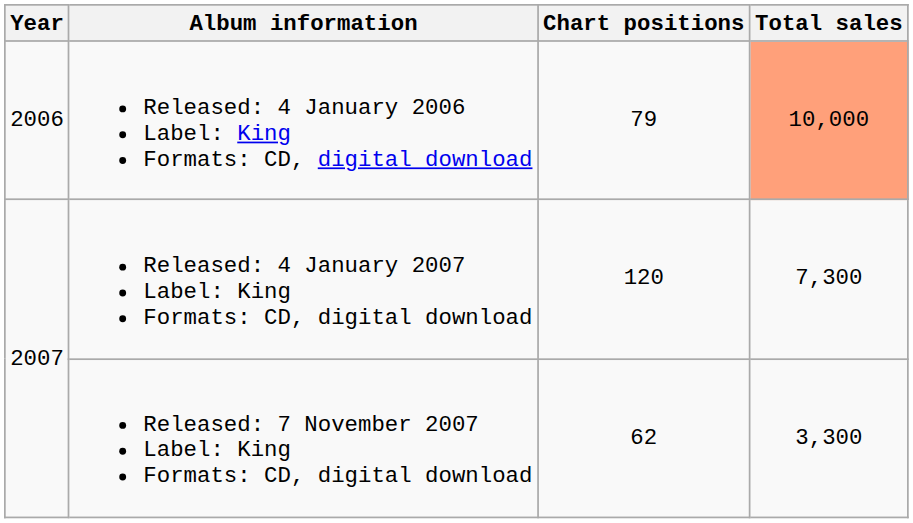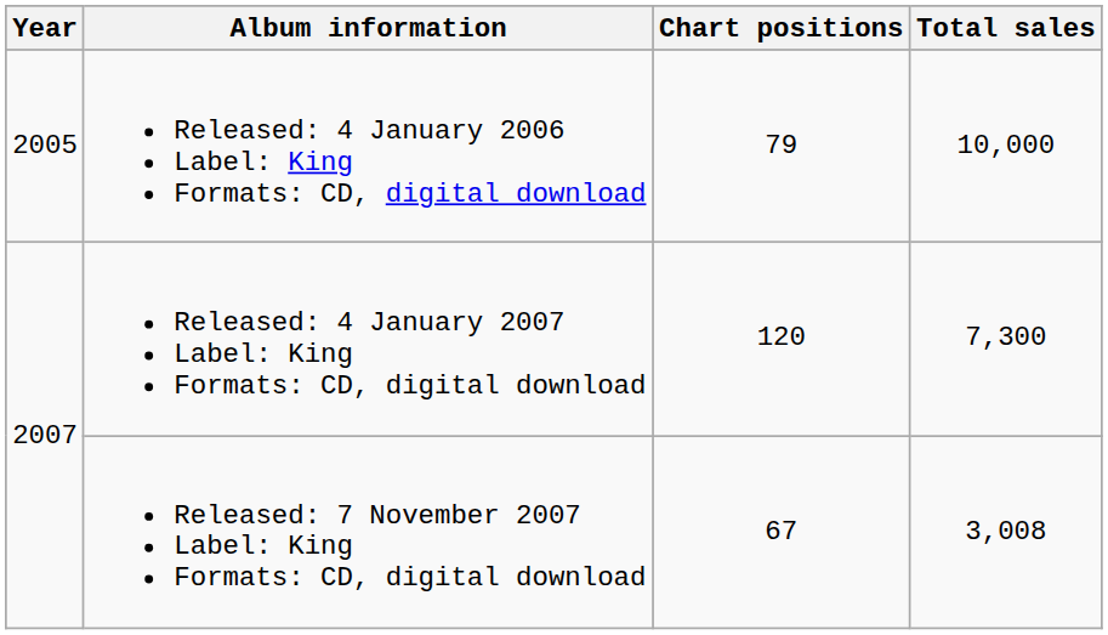 <table class="wikitable">
 <tr>
 <th>Year</th>
 <th>Album information</th>
 <th>Chart positions<br></th>
 <th colspan="1">Total sales<br></th>
 </tr>
 <tr>
-<td align="center">2006</td>
+<td align="center">2005</td>
 <td><br><ul><li>Released: 4 January 2006</li><li>Label: <a href='#'>King</a></li><li>Formats: CD, <a href='#'>digital download</a></li></ul></td>
 <td align="center">79</td>
-<td align="center" style="background: lightsalmon;">10,000</td>
+<td align="center">10,000</td>
 </tr>
 <tr>
 <td align="center" rowspan="2">2007</td>
 <td><br><ul><li>Released: 4 January 2007</li><li>Label: King</li><li>Formats: CD, digital download</li></ul></td>
 <td align="center">120</td>
 <td align="center">7,300</td>
 </tr>
 <tr>
 <td><br><ul><li>Released: 7 November 2007</li><li>Label: King</li><li>Formats: CD, digital download</li></ul></td>
-<td align="center">62</td>
-<td align="center">3,300</td>
+<td align="center">67</td>
+<td align="center">3,008</td>
 </tr>
 </table>
